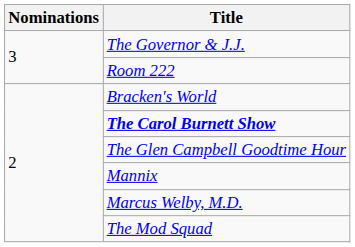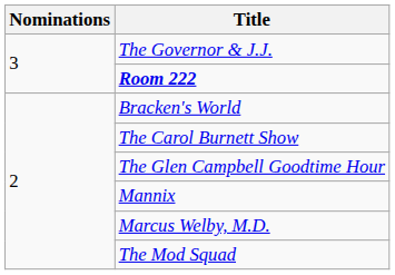 <table class="wikitable">
 <tr>
 <th>Nominations</th>
 <th>Title</th>
 </tr>
 <tr>
 <td rowspan="2">3</td>
 <td><em><a href='#'>The Governor & J.J.</a></em></td>
 </tr>
 <tr>
-<td><em><a href='#'>Room 222</a></em></td>
+<td><strong><em><a href='#'>Room 222</a></em></strong></td>
 </tr>
 <tr>
 <td rowspan="6">2</td>
 <td><em><a href='#'>Bracken's World</a></em></td>
 </tr>
 <tr>
-<td><strong><em><a href='#'>The Carol Burnett Show</a></em></strong></td>
+<td><em><a href='#'>The Carol Burnett Show</a></em></td>
 </tr>
 <tr>
 <td><em><a href='#'>The Glen Campbell Goodtime Hour</a></em></td>
 </tr>
 <tr>
 <td><em><a href='#'>Mannix</a></em></td>
 </tr>
 <tr>
 <td><em><a href='#'>Marcus Welby, M.D.</a></em></td>
 </tr>
 <tr>
 <td><em><a href='#'>The Mod Squad</a></em></td>
 </tr>
 </table>
